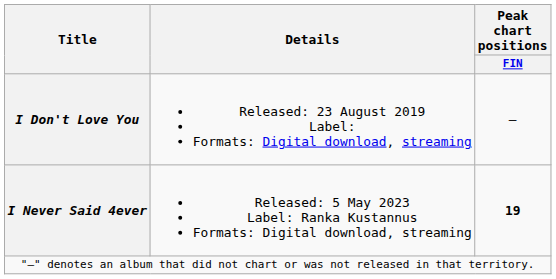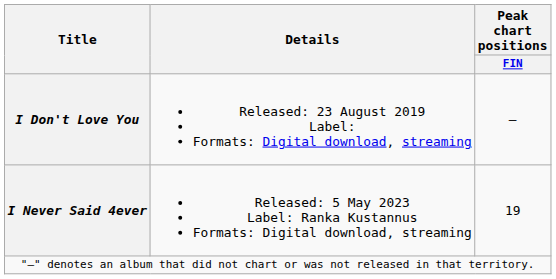 <table class="wikitable plainrowheaders" style="text-align:center;" border="1">
 <tr>
 <th scope="col" rowspan="2">Title</th>
 <th scope="col" rowspan="2">Details</th>
 <th scope="col" colspan="1">Peak chart positions</th>
 </tr>
 <tr>
 <th scope="col" style="width:3em;font-size:85%;"><a href='#'>FIN</a><br></th>
 </tr>
 <tr>
 <th scope="row"><em>I Don't Love You</em></th>
 <td><br><ul><li>Released: 23 August 2019</li><li>Label: </li><li>Formats: <a href='#'>Digital download</a>, <a href='#'>streaming</a></li></ul></td>
 <td>—</td>
 </tr>
 <tr>
 <th scope="row"><em>I Never Said 4ever</em></th>
 <td><br><ul><li>Released: 5 May 2023</li><li>Label: Ranka Kustannus</li><li>Formats: Digital download, streaming</li></ul></td>
-<td><strong>19</strong></td>
+<td>19</td>
 </tr>
 <tr>
 <td colspan="4" style="font-size:85%">"—" denotes an album that did not chart or was not released in that territory.</td>
 </tr>
 </table>
